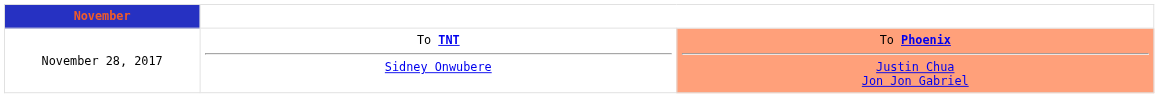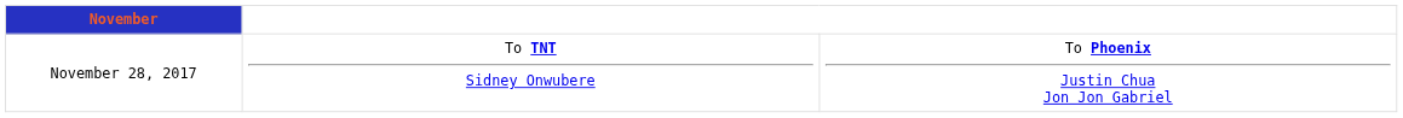 <table border=1 style="border-collapse:collapse; text-align: center; width: 100%" bordercolor="#DFDFDF"  cellpadding="5">
 <tr bgcolor="eeeeee">
 <th style="background:#2631C2; color:#F05B28; ">November</th>
 </tr>
 <tr>
 <td style="width:12%">November 28, 2017</td>
 <td style="width:29.3%" valign="top">To <strong><a href='#'>TNT</a></strong><hr><a href='#'>Sidney Onwubere</a></td>
-<td style="background: lightsalmon; width:29.3%" valign="top">To <strong><a href='#'>Phoenix</a></strong><hr><a href='#'>Justin Chua</a><br><a href='#'>Jon Jon Gabriel</a></td>
+<td style="width:29.3%" valign="top">To <strong><a href='#'>Phoenix</a></strong><hr><a href='#'>Justin Chua</a><br><a href='#'>Jon Jon Gabriel</a></td>
 </tr>
 </table>
